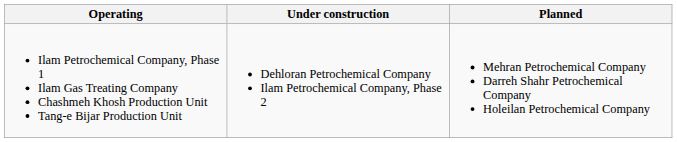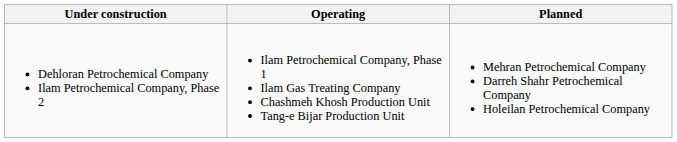 <table class="wikitable">
 <tr>
+<th>Under construction</th>
 <th>Operating</th>
-<th>Under construction</th>
 <th>Planned</th>
 </tr>
 <tr>
+<td><br><ul><li>Dehloran Petrochemical Company</li><li>Ilam Petrochemical Company, Phase 2</li></ul></td>
 <td><br><ul><li>Ilam Petrochemical Company, Phase 1</li><li>Ilam Gas Treating Company</li><li>Chashmeh Khosh Production Unit</li><li>Tang-e Bijar Production Unit</li></ul></td>
-<td><br><ul><li>Dehloran Petrochemical Company</li><li>Ilam Petrochemical Company, Phase 2</li></ul></td>
 <td><br><ul><li>Mehran Petrochemical Company</li><li>Darreh Shahr Petrochemical Company</li><li>Holeilan Petrochemical Company</li></ul></td>
 </tr>
 </table>
